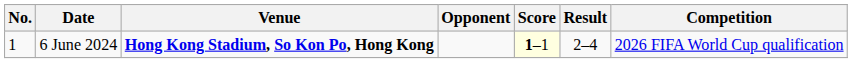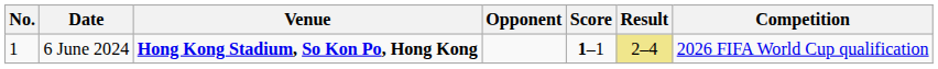 <table class="wikitable" style="font-size:95%;">
 <tr>
 <th>No.</th>
 <th>Date</th>
 <th>Venue</th>
 <th>Opponent</th>
 <th>Score</th>
 <th>Result</th>
 <th>Competition</th>
 </tr>
 <tr>
 <td>1</td>
 <td>6 June 2024</td>
 <td><strong><a href='#'>Hong Kong Stadium</a>, <a href='#'>So Kon Po</a>, Hong Kong</strong></td>
 <td></td>
-<td align="center" style="background: lightyellow;"><strong>1</strong>–1</td>
-<td align="center">2–4</td>
+<td align="center"><strong>1</strong>–1</td>
+<td align="center" style="background: khaki;">2–4</td>
 <td><a href='#'>2026 FIFA World Cup qualification</a></td>
 </tr>
 <tr>
 </tr>
 </table>
